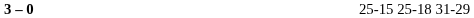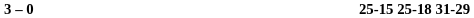 <table width=100% cellspacing=1>
 <tr>
 <th width=20%></th>
 <th width=12%></th>
 <th width=20%></th>
 <th width=33%></th>
 <td></td>
 </tr>
 <tr style=font-size:90%>
 <td align=right><strong></strong></td>
 <td align=center><strong>3 – 0</strong></td>
 <td></td>
-<td>25-15 25-18 31-29</td>
+<td><strong>25-15 25-18 31-29</strong></td>
 </tr>
 </table>
